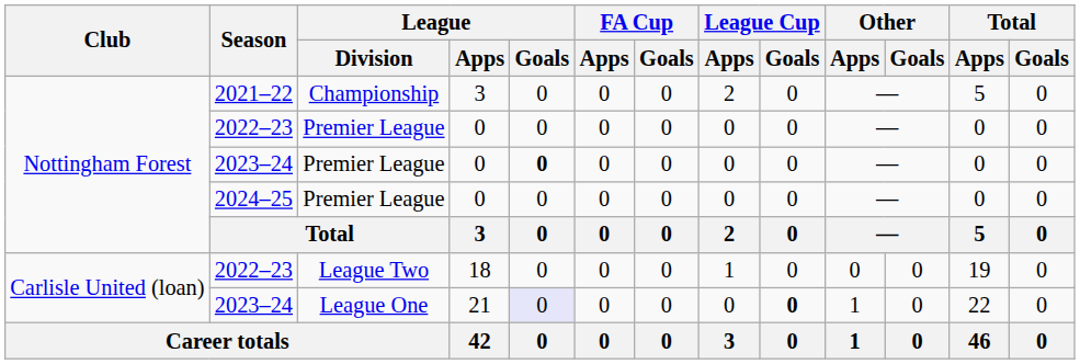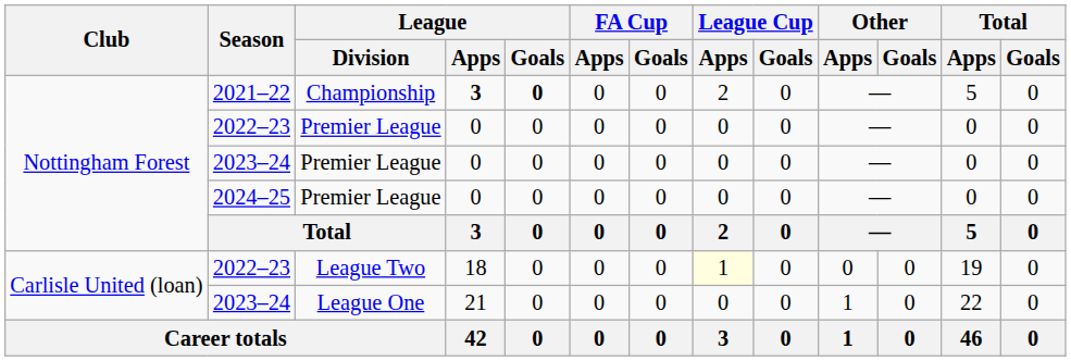 <table class="wikitable" style="text-align: center">
 <tr>
 <th rowspan=2>Club</th>
 <th rowspan=2>Season</th>
 <th colspan=3>League</th>
 <th colspan=2><a href='#'>FA Cup</a></th>
 <th colspan="2"><a href='#'>League Cup</a></th>
 <th colspan="2">Other</th>
 <th colspan=2>Total</th>
 </tr>
 <tr>
 <th>Division</th>
 <th>Apps</th>
 <th>Goals</th>
 <th>Apps</th>
 <th>Goals</th>
 <th>Apps</th>
 <th>Goals</th>
 <th>Apps</th>
 <th>Goals</th>
 <th>Apps</th>
 <th>Goals</th>
 </tr>
 <tr>
 <td rowspan="5"><a href='#'>Nottingham Forest</a></td>
 <td><a href='#'>2021–22</a></td>
 <td><a href='#'>Championship</a></td>
-<td>3</td>
-<td>0</td>
+<td><strong>3</strong></td>
+<td><strong>0</strong></td>
 <td>0</td>
 <td>0</td>
 <td>2</td>
 <td>0</td>
 <td colspan=2>—</td>
 <td>5</td>
 <td>0</td>
 </tr>
 <tr>
 <td><a href='#'>2022–23</a></td>
 <td><a href='#'>Premier League</a></td>
 <td>0</td>
 <td>0</td>
 <td>0</td>
 <td>0</td>
 <td>0</td>
 <td>0</td>
 <td colspan=2>—</td>
 <td>0</td>
 <td>0</td>
 </tr>
 <tr>
 <td><a href='#'>2023–24</a></td>
 <td>Premier League</td>
 <td>0</td>
-<td><strong>0</strong></td>
+<td>0</td>
 <td>0</td>
 <td>0</td>
 <td>0</td>
 <td>0</td>
 <td colspan=2>—</td>
 <td>0</td>
 <td>0</td>
 </tr>
 <tr>
 <td><a href='#'>2024–25</a></td>
 <td>Premier League</td>
 <td>0</td>
 <td>0</td>
 <td>0</td>
 <td>0</td>
 <td>0</td>
 <td>0</td>
 <td colspan=2>—</td>
 <td>0</td>
 <td>0</td>
 </tr>
 <tr>
 <th colspan="2">Total</th>
 <th>3</th>
 <th>0</th>
 <th>0</th>
 <th>0</th>
 <th>2</th>
 <th>0</th>
 <th colspan="2">—</th>
 <th>5</th>
 <th>0</th>
 </tr>
 <tr>
 <td rowspan="2"><a href='#'>Carlisle United</a> (loan)</td>
 <td><a href='#'>2022–23</a></td>
 <td><a href='#'>League Two</a></td>
 <td>18</td>
 <td>0</td>
 <td>0</td>
 <td>0</td>
-<td>1</td>
+<td style="background: lightyellow;">1</td>
 <td>0</td>
 <td>0</td>
 <td>0</td>
 <td>19</td>
 <td>0</td>
 </tr>
 <tr>
 <td><a href='#'>2023–24</a></td>
 <td><a href='#'>League One</a></td>
 <td>21</td>
-<td style="background: lavender;">0</td>
 <td>0</td>
 <td>0</td>
 <td>0</td>
-<td><strong>0</strong></td>
+<td>0</td>
+<td>0</td>
 <td>1</td>
 <td>0</td>
 <td>22</td>
 <td>0</td>
 </tr>
 <tr>
 <th colspan=3>Career totals</th>
 <th>42</th>
 <th>0</th>
 <th>0</th>
 <th>0</th>
 <th>3</th>
 <th>0</th>
 <th>1</th>
 <th>0</th>
 <th>46</th>
 <th>0</th>
 </tr>
 </table>
